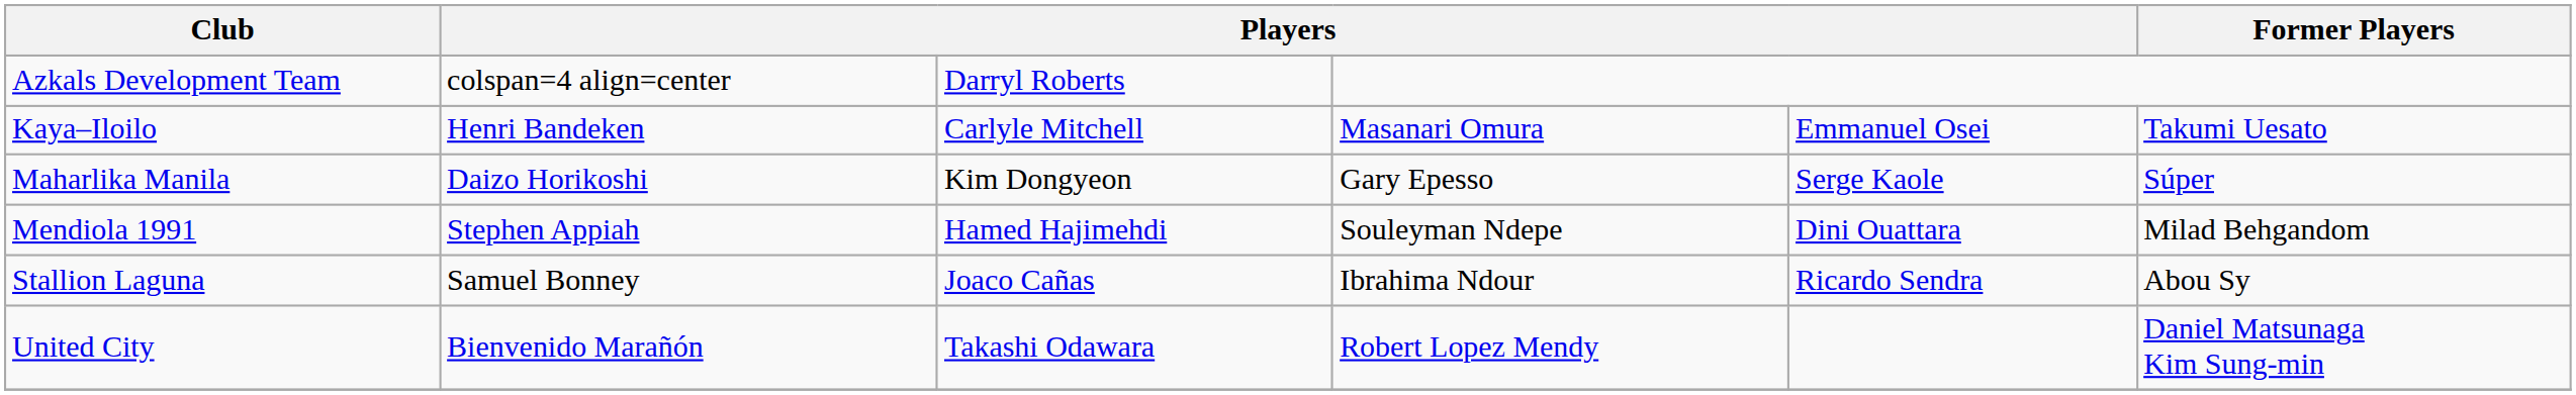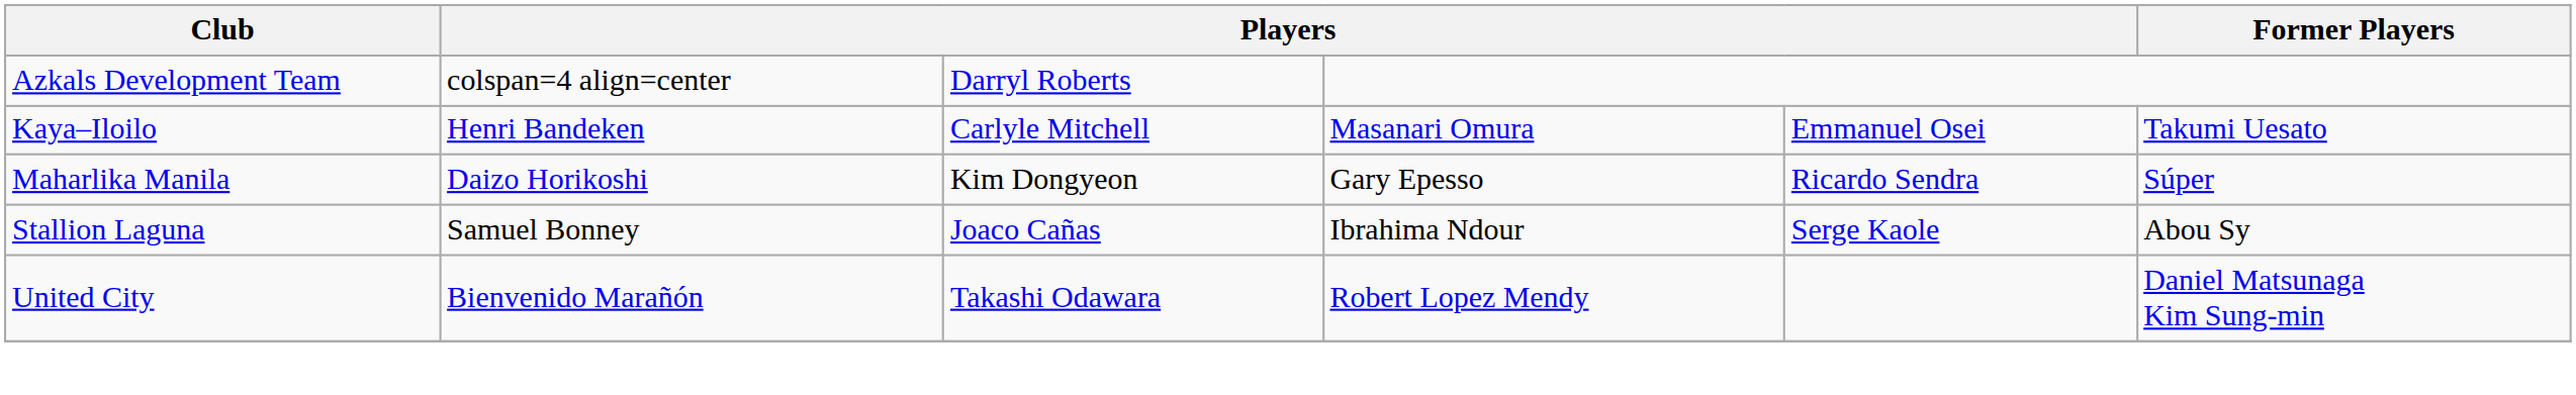 <table class="wikitable" style="font-size:90%;">
 <tr>
 <th style="width:200px;">Club</th>
 <th style="width:800px;" colspan=4>Players</th>
 <th style="width:200px;">Former Players</th>
 </tr>
 <tr>
 <td><a href='#'>Azkals Development Team</a></td>
 <td>colspan=4 align=center</td>
 <td> <a href='#'>Darryl Roberts</a></td>
 </tr>
 <tr>
 <td><a href='#'>Kaya–Iloilo</a></td>
 <td> <a href='#'>Henri Bandeken</a></td>
 <td> <a href='#'>Carlyle Mitchell</a></td>
 <td> <a href='#'>Masanari Omura</a></td>
 <td> <a href='#'>Emmanuel Osei</a></td>
 <td> <a href='#'>Takumi Uesato</a></td>
 </tr>
 <tr>
 <td><a href='#'>Maharlika Manila</a></td>
 <td> <a href='#'>Daizo Horikoshi</a></td>
 <td> Kim Dongyeon</td>
 <td> Gary Epesso</td>
-<td> <a href='#'>Serge Kaole</a></td>
+<td> <a href='#'>Ricardo Sendra</a></td>
 <td> <a href='#'>Súper</a></td>
-</tr>
-<tr>
-<td><a href='#'>Mendiola 1991</a></td>
-<td> <a href='#'>Stephen Appiah</a></td>
-<td> <a href='#'>Hamed Hajimehdi</a></td>
-<td> Souleyman Ndepe</td>
-<td> <a href='#'>Dini Ouattara</a></td>
-<td> Milad Behgandom</td>
 </tr>
 <tr>
 <td><a href='#'>Stallion Laguna</a></td>
 <td> Samuel Bonney</td>
 <td> <a href='#'>Joaco Cañas</a></td>
 <td> Ibrahima Ndour</td>
-<td> <a href='#'>Ricardo Sendra</a></td>
+<td> <a href='#'>Serge Kaole</a></td>
 <td> Abou Sy</td>
 </tr>
 <tr>
 <td><a href='#'>United City</a></td>
 <td> <a href='#'>Bienvenido Marañón</a></td>
 <td> <a href='#'>Takashi Odawara</a></td>
 <td> <a href='#'>Robert Lopez Mendy</a></td>
 <td></td>
 <td> <a href='#'>Daniel Matsunaga</a><br> <a href='#'>Kim Sung-min</a></td>
 </tr>
 <tr>
 </tr>
 </table>
